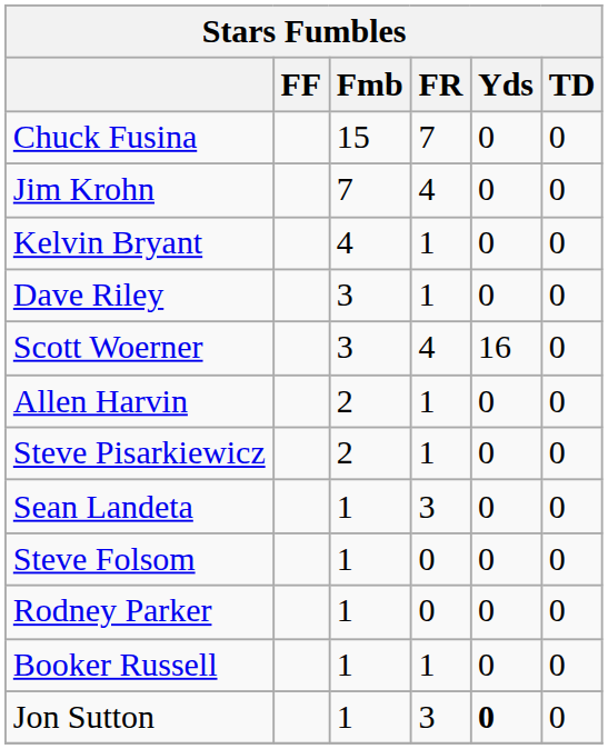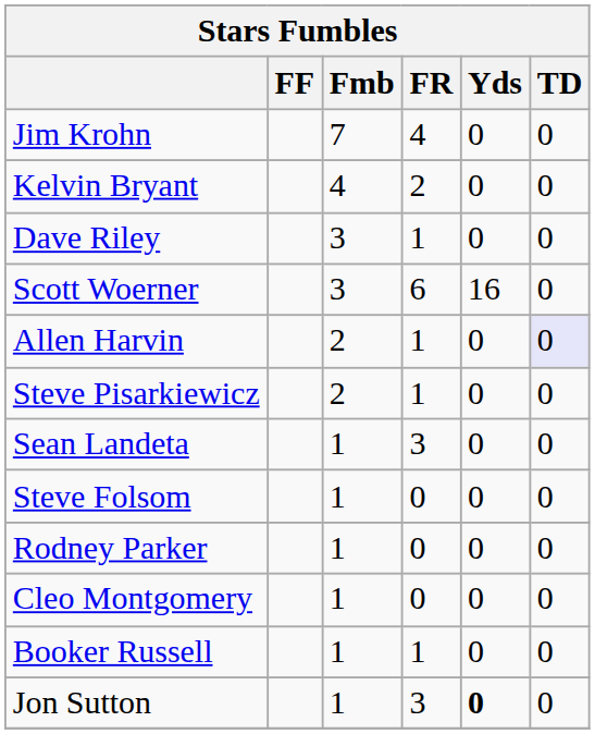 <table class="wikitable">
 <tr>
 <th colspan="6">Stars Fumbles</th>
 </tr>
 <tr>
 <th></th>
 <th>FF</th>
 <th>Fmb</th>
 <th>FR</th>
 <th>Yds</th>
 <th>TD</th>
 </tr>
 <tr>
-<td><a href='#'>Chuck Fusina</a></td>
-<td></td>
-<td>15</td>
-<td>7</td>
-<td>0</td>
-<td>0</td>
-</tr>
-<tr>
 <td><a href='#'>Jim Krohn</a></td>
 <td></td>
 <td>7</td>
 <td>4</td>
 <td>0</td>
 <td>0</td>
 </tr>
 <tr>
 <td><a href='#'>Kelvin Bryant</a></td>
 <td></td>
 <td>4</td>
-<td>1</td>
+<td>2</td>
 <td>0</td>
 <td>0</td>
 </tr>
 <tr>
 <td><a href='#'>Dave Riley</a></td>
 <td></td>
 <td>3</td>
 <td>1</td>
 <td>0</td>
 <td>0</td>
 </tr>
 <tr>
 <td><a href='#'>Scott Woerner</a></td>
 <td></td>
 <td>3</td>
-<td>4</td>
+<td>6</td>
 <td>16</td>
 <td>0</td>
 </tr>
 <tr>
 <td><a href='#'>Allen Harvin</a></td>
 <td></td>
 <td>2</td>
 <td>1</td>
 <td>0</td>
-<td>0</td>
+<td style="background: lavender;">0</td>
 </tr>
 <tr>
 <td><a href='#'>Steve Pisarkiewicz</a></td>
 <td></td>
 <td>2</td>
 <td>1</td>
 <td>0</td>
 <td>0</td>
 </tr>
 <tr>
 <td><a href='#'>Sean Landeta</a></td>
 <td></td>
 <td>1</td>
 <td>3</td>
 <td>0</td>
 <td>0</td>
 </tr>
 <tr>
 <td><a href='#'>Steve Folsom</a></td>
 <td></td>
 <td>1</td>
 <td>0</td>
 <td>0</td>
 <td>0</td>
 </tr>
 <tr>
 <td><a href='#'>Rodney Parker</a></td>
 <td></td>
 <td>1</td>
 <td>0</td>
 <td>0</td>
 <td>0</td>
 </tr>
 <tr>
+<td><a href='#'>Cleo Montgomery</a></td>
+<td></td>
+<td>1</td>
+<td>0</td>
+<td>0</td>
+<td>0</td>
+</tr>
+<tr>
 <td><a href='#'>Booker Russell</a></td>
 <td></td>
 <td>1</td>
 <td>1</td>
 <td>0</td>
 <td>0</td>
 </tr>
 <tr>
 <td>Jon Sutton</td>
 <td></td>
 <td>1</td>
 <td>3</td>
 <td><strong>0</strong></td>
 <td>0</td>
 </tr>
 <tr>
 </tr>
 </table>
